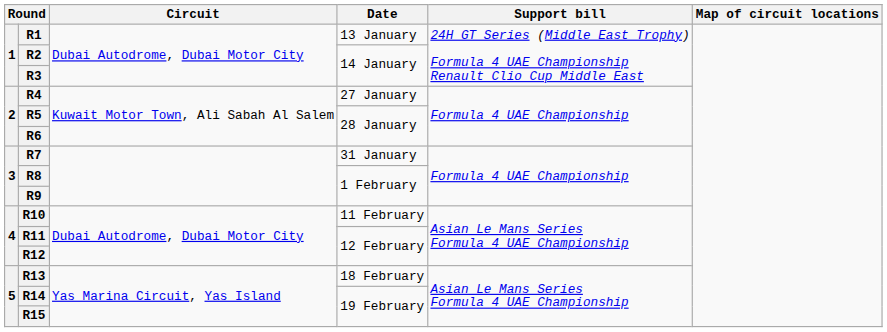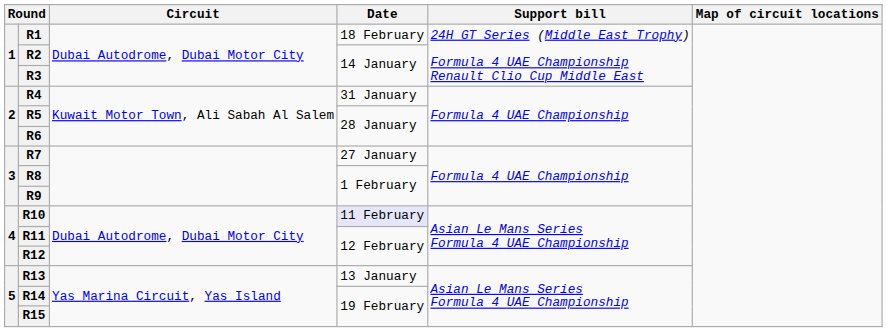 <table class="wikitable" style="font-size:85%">
 <tr>
 <th colspan=2>Round</th>
 <th>Circuit</th>
 <th>Date</th>
 <th>Support bill</th>
 <th>Map of circuit locations</th>
 </tr>
 <tr>
 <th rowspan=3>1</th>
 <th>R1</th>
 <td rowspan=3> <a href='#'>Dubai Autodrome</a>, <a href='#'>Dubai Motor City</a></td>
-<td nowrap="">13 January</td>
+<td nowrap="">18 February</td>
 <td rowspan=3><em><a href='#'>24H GT Series</a> (<a href='#'>Middle East Trophy</a>)<br><br><a href='#'>Formula 4 UAE Championship</a><br><a href='#'>Renault Clio Cup Middle East</a></em></td>
 <td rowspan="15"></td>
 </tr>
 <tr>
 <th>R2</th>
 <td rowspan="2">14 January</td>
 </tr>
 <tr>
 <th>R3</th>
 </tr>
 <tr>
 <th rowspan=3>2</th>
 <th>R4</th>
 <td rowspan=3> <a href='#'>Kuwait Motor Town</a>, Ali Sabah Al Salem</td>
-<td>27 January</td>
+<td>31 January</td>
 <td rowspan=3><em><a href='#'>Formula 4 UAE Championship</a></em></td>
 </tr>
 <tr>
 <th>R5</th>
 <td rowspan="2">28 January</td>
 </tr>
 <tr>
 <th>R6</th>
 </tr>
 <tr>
 <th rowspan=3>3</th>
 <th>R7</th>
 <td rowspan=3></td>
-<td>31 January</td>
+<td>27 January</td>
 <td rowspan=3><em><a href='#'>Formula 4 UAE Championship</a></em></td>
 </tr>
 <tr>
 <th>R8</th>
 <td rowspan="2">1 February</td>
 </tr>
 <tr>
 <th>R9</th>
 </tr>
 <tr>
 <th rowspan=3>4</th>
 <th>R10</th>
 <td rowspan=3> <a href='#'>Dubai Autodrome</a>, <a href='#'>Dubai Motor City</a></td>
-<td>11 February</td>
+<td style="background: lavender;">11 February</td>
 <td rowspan=3><em><a href='#'>Asian Le Mans Series</a><br><a href='#'>Formula 4 UAE Championship</a></em></td>
 </tr>
 <tr>
 <th>R11</th>
 <td rowspan="2">12 February</td>
 </tr>
 <tr>
 <th>R12</th>
 </tr>
 <tr>
 <th rowspan=3>5</th>
 <th>R13</th>
 <td rowspan=3> <a href='#'>Yas Marina Circuit</a>, <a href='#'>Yas Island</a></td>
-<td nowrap="">18 February</td>
+<td nowrap="">13 January</td>
 <td rowspan=3><em><a href='#'>Asian Le Mans Series</a><br><a href='#'>Formula 4 UAE Championship</a></em></td>
 </tr>
 <tr>
 <th>R14</th>
 <td rowspan="2">19 February</td>
 </tr>
 <tr>
 <th>R15</th>
 </tr>
 </table>
